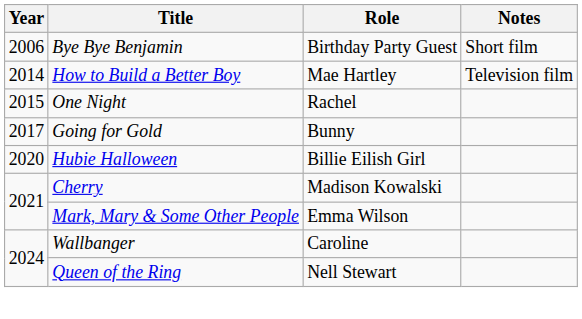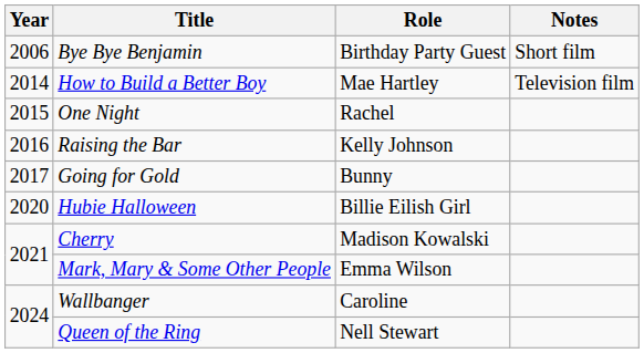 <table class="wikitable sortable">
 <tr>
 <th scope="col">Year</th>
 <th scope="col">Title</th>
 <th scope="col">Role</th>
 <th scope="col" class="unsortable">Notes</th>
 </tr>
 <tr>
 <td>2006</td>
 <td><em>Bye Bye Benjamin</em></td>
 <td>Birthday Party Guest</td>
 <td>Short film</td>
 </tr>
 <tr>
 <td>2014</td>
 <td><em><a href='#'>How to Build a Better Boy</a></em></td>
 <td>Mae Hartley</td>
 <td>Television film</td>
 </tr>
 <tr>
 <td>2015</td>
 <td><em>One Night</em></td>
 <td>Rachel</td>
+<td></td>
+</tr>
+<tr>
+<td>2016</td>
+<td><em>Raising the Bar</em></td>
+<td>Kelly Johnson</td>
 <td></td>
 </tr>
 <tr>
 <td>2017</td>
 <td><em>Going for Gold</em></td>
 <td>Bunny</td>
 <td></td>
 </tr>
 <tr>
 <td>2020</td>
 <td><em><a href='#'>Hubie Halloween</a></em></td>
 <td>Billie Eilish Girl</td>
 <td></td>
 </tr>
 <tr>
 <td rowspan="2">2021</td>
 <td><em><a href='#'>Cherry</a></em></td>
 <td>Madison Kowalski</td>
 <td></td>
 </tr>
 <tr>
 <td><em><a href='#'>Mark, Mary & Some Other People</a></em></td>
 <td>Emma Wilson</td>
 <td></td>
 </tr>
 <tr>
 <td rowspan="2">2024</td>
 <td><em>Wallbanger</em></td>
 <td>Caroline</td>
 <td></td>
 </tr>
 <tr>
 <td><em><a href='#'>Queen of the Ring</a></em></td>
 <td>Nell Stewart</td>
 <td></td>
 </tr>
 </table>
